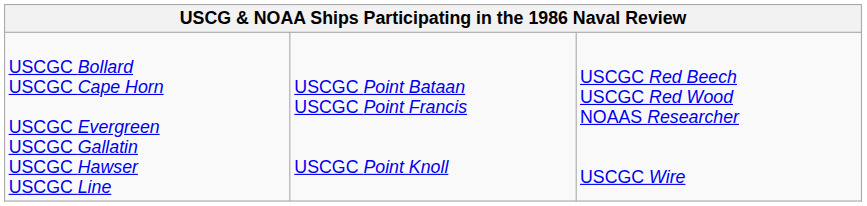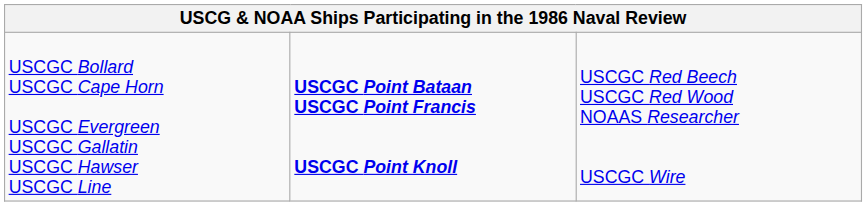 <table class="wikitable">
 <tr>
 <th colspan="3">USCG & NOAA Ships Participating in the 1986 Naval Review</th>
 </tr>
 <tr>
 <td style="width:250px;"><br><a href='#'>USCGC <em>Bollard</em></a><br> <a href='#'>USCGC <em>Cape Horn</em></a><br> <br> <a href='#'>USCGC <em>Evergreen</em></a><br> <a href='#'>USCGC <em>Gallatin</em></a><br> <a href='#'>USCGC <em>Hawser</em></a><br> <a href='#'>USCGC <em>Line</em></a><br></td>
-<td style="width:250px;"><br><br> <a href='#'>USCGC <em>Point Bataan</em></a><br> <a href='#'>USCGC <em>Point Francis</em></a><br> <br> <br> <a href='#'>USCGC <em>Point Knoll</em></a><br> <br></td>
+<td style="width:250px;"><strong><br><br> <a href='#'>USCGC <em>Point Bataan</em></a><br> <a href='#'>USCGC <em>Point Francis</em></a><br> <br> <br> <a href='#'>USCGC <em>Point Knoll</em></a><br> <br></strong></td>
 <td style="width:250px;"><br><a href='#'>USCGC <em>Red Beech </em></a><br> <a href='#'>USCGC <em>Red Wood</em></a><br> <a href='#'>NOAAS <em>Researcher</em></a><br> <br> <br> <a href='#'>USCGC <em>Wire</em></a><br></td>
 </tr>
 </table>
